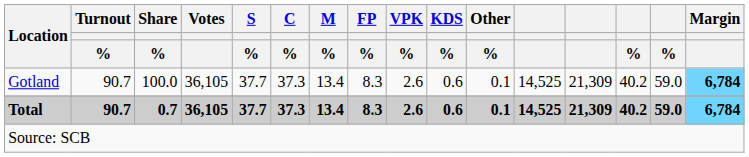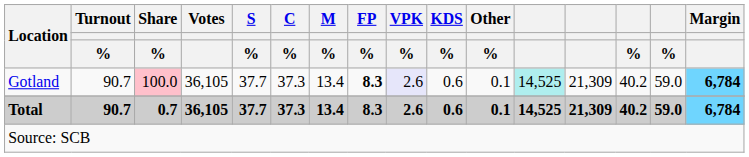 <table class="wikitable sortable" style="text-align:right; font-size:95%; line-height:20px;">
 <tr>
 <th rowspan="3">Location</th>
 <th>Turnout</th>
 <th>Share</th>
 <th>Votes</th>
 <th width="30px" class="unsortable"><a href='#'>S</a></th>
 <th width="30px" class="unsortable"><a href='#'>C</a></th>
 <th width="30px" class="unsortable"><a href='#'>M</a></th>
 <th width="30px" class="unsortable"><a href='#'>FP</a></th>
 <th width="30px" class="unsortable"><a href='#'>VPK</a></th>
 <th width="30px" class="unsortable"><a href='#'>KDS</a></th>
 <th width="30px" class="unsortable">Other</th>
 <th></th>
 <th></th>
 <th></th>
 <th></th>
 <th>Margin</th>
 </tr>
 <tr>
 <th></th>
 <th></th>
 <th></th>
 <th style="background:"></th>
 <th style="background:"></th>
 <th style="background:"></th>
 <th style="background:"></th>
 <th style="background:"></th>
 <th style="background:"></th>
 <th style="background:"></th>
 <th style="background:"></th>
 <th style="background:"></th>
 <th style="background:"></th>
 <th style="background:"></th>
 <th></th>
 </tr>
 <tr>
 <th data-sort-type="number">%</th>
 <th data-sort-type="number">%</th>
 <th></th>
 <th data-sort-type="number">%</th>
 <th data-sort-type="number">%</th>
 <th data-sort-type="number">%</th>
 <th data-sort-type="number">%</th>
 <th data-sort-type="number">%</th>
 <th data-sort-type="number">%</th>
 <th data-sort-type="number">%</th>
 <th data-sort-type="number"></th>
 <th data-sort-type="number"></th>
 <th data-sort-type="number">%</th>
 <th data-sort-type="number">%</th>
 <th data-sort-type="number"></th>
 </tr>
 <tr>
 <td align=left><a href='#'>Gotland</a></td>
 <td>90.7</td>
-<td>100.0</td>
+<td style="background: pink;">100.0</td>
 <td>36,105</td>
 <td>37.7</td>
 <td>37.3</td>
 <td>13.4</td>
-<td>8.3</td>
-<td>2.6</td>
+<td><strong>8.3</strong></td>
+<td style="background: lavender;">2.6</td>
 <td>0.6</td>
 <td>0.1</td>
-<td>14,525</td>
+<td style="background: paleturquoise;">14,525</td>
 <td>21,309</td>
 <td>40.2</td>
 <td>59.0</td>
 <td bgcolor=#6fd5fe><strong>6,784</strong></td>
 </tr>
 <tr>
 </tr>
 <tr style="background:#CDCDCD;">
 <td align=left><strong>Total</strong></td>
 <td><strong>90.7</strong></td>
 <td><strong>0.7</strong></td>
 <td><strong>36,105</strong></td>
 <td><strong>37.7</strong></td>
 <td><strong>37.3</strong></td>
 <td><strong>13.4</strong></td>
 <td><strong>8.3</strong></td>
 <td><strong>2.6</strong></td>
 <td><strong>0.6</strong></td>
 <td><strong>0.1</strong></td>
 <td><strong>14,525</strong></td>
 <td><strong>21,309</strong></td>
 <td><strong>40.2</strong></td>
 <td><strong>59.0</strong></td>
 <td bgcolor=#6fd5fe><strong>6,784</strong></td>
 </tr>
 <tr>
 <td align=left colspan=16>Source: SCB </td>
 </tr>
 </table>
